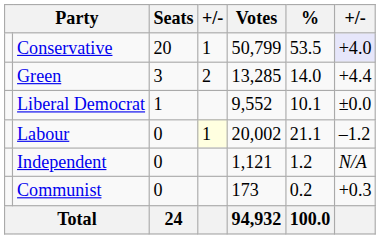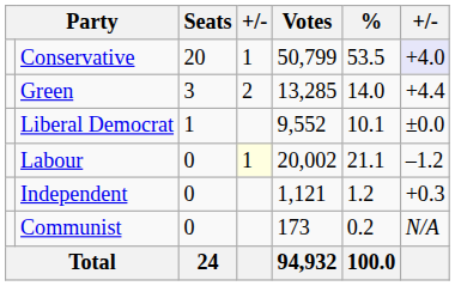 <table class="wikitable sortable">
 <tr>
 <th colspan="2">Party</th>
 <th>Seats</th>
 <th>+/-</th>
 <th>Votes</th>
 <th>%</th>
 <th>+/-</th>
 </tr>
 <tr>
 <td style="background-color: "></td>
 <td><a href='#'>Conservative</a></td>
 <td>20</td>
 <td> 1</td>
 <td>50,799</td>
 <td>53.5</td>
 <td style="background: lavender;">+4.0</td>
 </tr>
 <tr>
 <td style="background-color: "></td>
 <td><a href='#'>Green</a></td>
 <td>3</td>
 <td> 2</td>
 <td>13,285</td>
 <td>14.0</td>
 <td>+4.4</td>
 </tr>
 <tr>
 <td style="background-color: "></td>
 <td><a href='#'>Liberal Democrat</a></td>
 <td>1</td>
 <td></td>
 <td>9,552</td>
 <td>10.1</td>
 <td>±0.0</td>
 </tr>
 <tr>
 <td style="background-color: "></td>
 <td><a href='#'>Labour</a></td>
 <td>0</td>
 <td style="background: lightyellow;"> 1</td>
 <td>20,002</td>
 <td>21.1</td>
 <td>–1.2</td>
 </tr>
 <tr>
 <td style="background-color: "></td>
 <td><a href='#'>Independent</a></td>
 <td>0</td>
 <td></td>
 <td>1,121</td>
 <td>1.2</td>
-<td><em>N/A</em></td>
+<td>+0.3</td>
 </tr>
 <tr>
 <td style="background-color: "></td>
 <td><a href='#'>Communist</a></td>
 <td>0</td>
 <td></td>
 <td>173</td>
 <td>0.2</td>
-<td>+0.3</td>
+<td><em>N/A</em></td>
 </tr>
 <tr>
 <th colspan="2"><strong>Total</strong></th>
 <th>24</th>
 <th></th>
 <th>94,932</th>
 <th>100.0</th>
 <th></th>
 </tr>
 </table>
